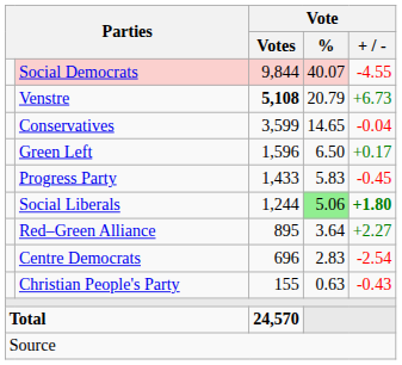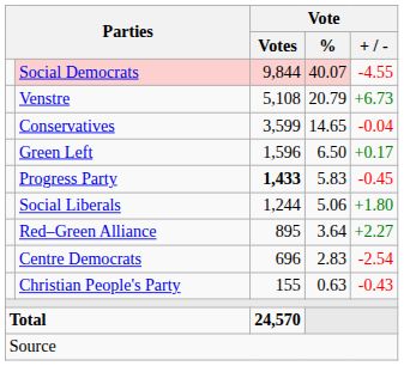 <table class="wikitable" style="text-align:right;">
 <tr>
 <th style="text-align:centre;" rowspan="2" colspan="2" width="225">Parties</th>
 <th colspan="3">Vote</th>
 </tr>
 <tr>
 <th width="15">Votes</th>
 <th width="15">%</th>
 <th width="15">+ / -</th>
 </tr>
 <tr>
 <td width="2" style="color:inherit;background:"></td>
 <td bgcolor=#fbd0ce  align="left"><a href='#'>Social Democrats</a></td>
 <td bgcolor=#fbd0ce>9,844</td>
 <td bgcolor=#fbd0ce>40.07</td>
 <td style=color:red;>-4.55</td>
 </tr>
 <tr>
 <td width="2" style="color:inherit;background:"></td>
 <td align="left"><a href='#'>Venstre</a></td>
-<td><strong>5,108</strong></td>
+<td>5,108</td>
 <td>20.79</td>
 <td style=color:green;>+6.73</td>
 </tr>
 <tr>
 <td width="2" style="color:inherit;background:"></td>
 <td align="left"><a href='#'>Conservatives</a></td>
 <td>3,599</td>
 <td>14.65</td>
 <td style=color:red;>-0.04</td>
 </tr>
 <tr>
 <td width="2" style="color:inherit;background:"></td>
 <td align="left"><a href='#'>Green Left</a></td>
 <td>1,596</td>
 <td>6.50</td>
 <td style=color:green;>+0.17</td>
 </tr>
 <tr>
 <td width="2" style="color:inherit;background:"></td>
 <td align="left"><a href='#'>Progress Party</a></td>
-<td>1,433</td>
+<td><strong>1,433</strong></td>
 <td>5.83</td>
 <td style=color:red;>-0.45</td>
 </tr>
 <tr>
 <td width="2" style="color:inherit;background:"></td>
 <td align="left"><a href='#'>Social Liberals</a></td>
 <td>1,244</td>
-<td style="background: lightgreen;">5.06</td>
-<td style=color:green;><strong>+1.80</strong></td>
+<td>5.06</td>
+<td style=color:green;>+1.80</td>
 </tr>
 <tr>
 <td width="2" style="color:inherit;background:"></td>
 <td align="left"><a href='#'>Red–Green Alliance</a></td>
 <td>895</td>
 <td>3.64</td>
 <td style=color:green;>+2.27</td>
 </tr>
 <tr>
 <td width="2" style="color:inherit;background:"></td>
 <td align="left"><a href='#'>Centre Democrats</a></td>
 <td>696</td>
 <td>2.83</td>
 <td style=color:red;>-2.54</td>
 </tr>
 <tr>
 <td width="2" style="color:inherit;background:"></td>
 <td align="left"><a href='#'>Christian People's Party</a></td>
 <td>155</td>
 <td>0.63</td>
 <td style=color:red;>-0.43</td>
 </tr>
 <tr>
 <td colspan="7" bgcolor="#E9E9E9"></td>
 </tr>
 <tr>
 <td align="left" colspan="2"><strong>Total</strong></td>
 <td><strong>24,570</strong></td>
 <td bgcolor="#E9E9E9" colspan="2"></td>
 </tr>
 <tr>
 <td align="left" colspan="6">Source</td>
 </tr>
 </table>
